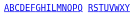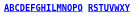 <table id="toc" class="toc" summary="Class">
 <tr>
 <th></th>
 </tr>
 <tr>
-<td style="text-align:center;"><a href='#'>A</a><a href='#'>B</a><a href='#'>C</a><a href='#'>D</a><a href='#'>E</a><a href='#'>F</a><a href='#'>G</a><a href='#'>H</a><a href='#'>I</a><a href='#'>L</a><a href='#'>M</a><a href='#'>N</a><a href='#'>O</a><a href='#'>P</a><a href='#'>Q</a> <a href='#'>R</a><a href='#'>S</a><a href='#'>T</a><a href='#'>U</a><a href='#'>V</a><a href='#'>W</a><a href='#'>X</a><a href='#'>Y</a></td>
+<td style="text-align:center;"><strong><a href='#'>A</a><a href='#'>B</a><a href='#'>C</a><a href='#'>D</a><a href='#'>E</a><a href='#'>F</a><a href='#'>G</a><a href='#'>H</a><a href='#'>I</a><a href='#'>L</a><a href='#'>M</a><a href='#'>N</a><a href='#'>O</a><a href='#'>P</a><a href='#'>Q</a> <a href='#'>R</a><a href='#'>S</a><a href='#'>T</a><a href='#'>U</a><a href='#'>V</a><a href='#'>W</a><a href='#'>X</a><a href='#'>Y</a></strong></td>
 </tr>
 </table>
